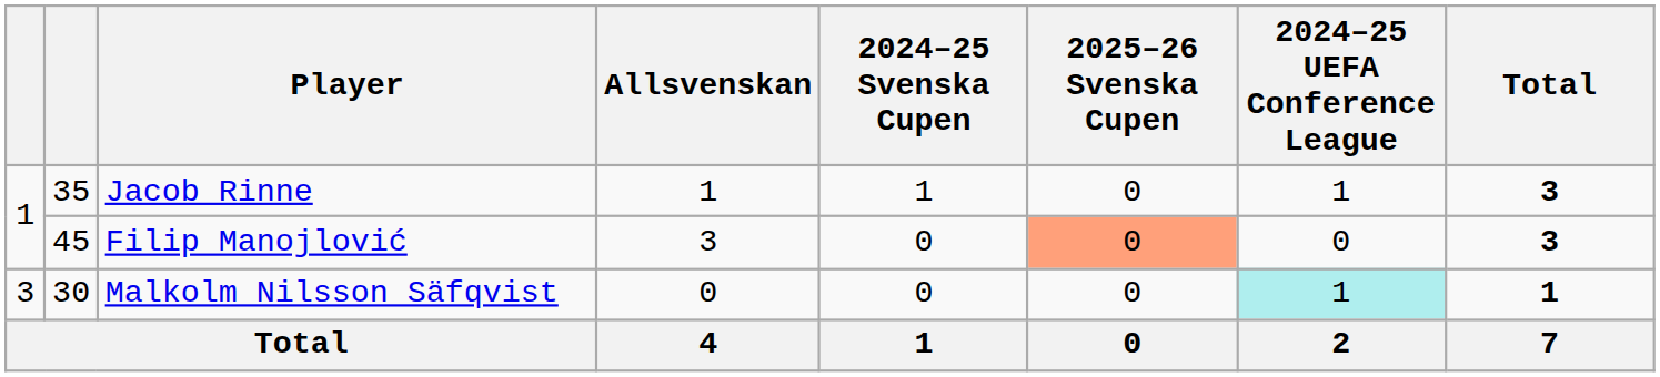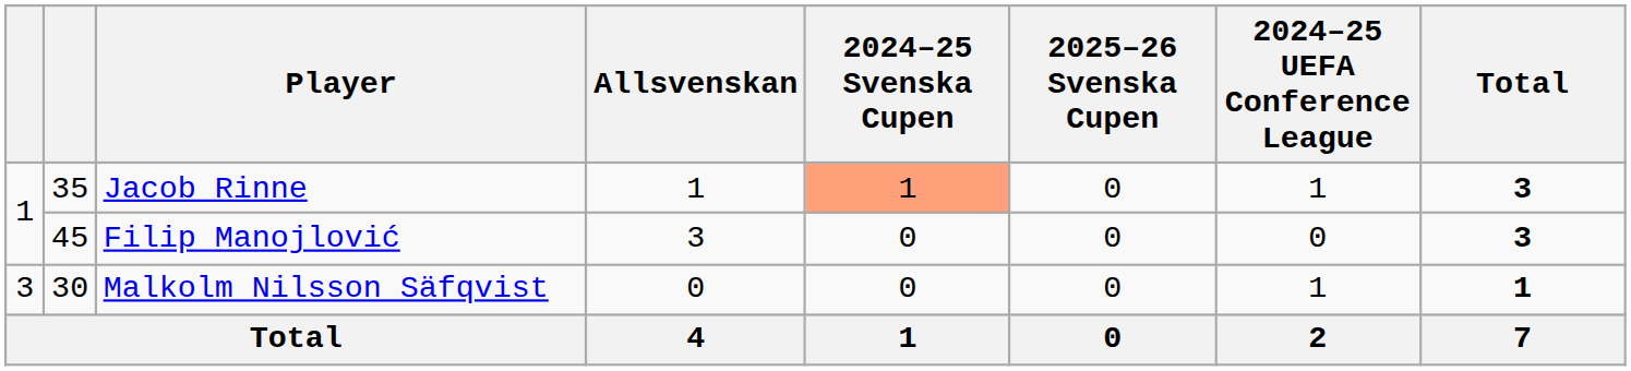 <table class="wikitable sortable" style="text-align: center;">
 <tr>
 <th width=10></th>
 <th width=10></th>
 <th width=200>Player</th>
 <th width=80>Allsvenskan</th>
 <th width=80>2024–25 Svenska Cupen</th>
 <th width=80>2025–26 Svenska Cupen</th>
 <th width=80>2024–25 UEFA Conference League</th>
 <th width=80>Total</th>
 </tr>
 <tr>
 <td rowspan="2">1</td>
 <td>35</td>
 <td align="left"> <a href='#'>Jacob Rinne</a></td>
 <td>1</td>
-<td>1</td>
+<td style="background: lightsalmon;">1</td>
 <td>0</td>
 <td>1</td>
 <td><strong>3</strong></td>
 </tr>
 <tr>
 <td>45</td>
 <td align="left"> <a href='#'>Filip Manojlović</a></td>
 <td>3</td>
 <td>0</td>
-<td style="background: lightsalmon;">0</td>
+<td>0</td>
 <td>0</td>
 <td><strong>3</strong></td>
 </tr>
 <tr>
 <td>3</td>
 <td>30</td>
 <td align="left"> <a href='#'>Malkolm Nilsson Säfqvist</a></td>
 <td>0</td>
 <td>0</td>
 <td>0</td>
-<td style="background: paleturquoise;">1</td>
+<td>1</td>
 <td><strong>1</strong></td>
 </tr>
 <tr>
 <th colspan="3">Total</th>
 <th>4</th>
 <th>1</th>
 <th>0</th>
 <th>2</th>
 <th>7</th>
 </tr>
 </table>
